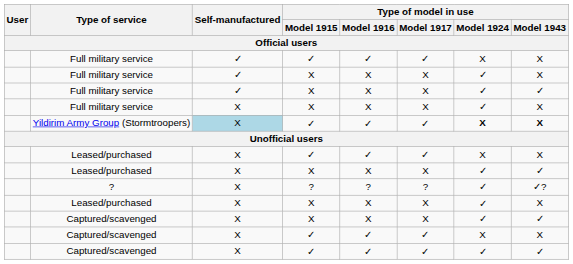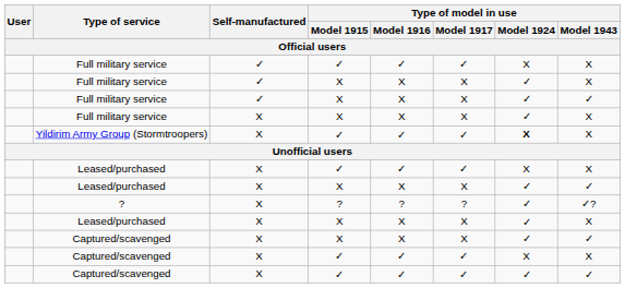 <table class="wikitable">
 <tr>
 <th rowspan=2>User</th>
 <th rowspan=2>Type of service</th>
 <th rowspan=2>Self-manufactured</th>
 <th colspan=5>Type of model in use</th>
 </tr>
 <tr>
 <th>Model 1915</th>
 <th>Model 1916</th>
 <th>Model 1917</th>
 <th>Model 1924</th>
 <th>Model 1943</th>
 </tr>
 <tr>
 <th colspan=8>Official users</th>
 </tr>
 <tr>
 <td></td>
 <td style="text-align:center">Full military service</td>
 <td style="text-align:center">✓</td>
 <td style="text-align:center">✓</td>
 <td style="text-align:center">✓</td>
 <td style="text-align:center">✓</td>
 <td style="text-align:center">X</td>
 <td style="text-align:center">X</td>
 </tr>
 <tr>
 <td></td>
 <td style="text-align:center">Full military service</td>
 <td style="text-align:center">✓</td>
 <td style="text-align:center">X</td>
 <td style="text-align:center">X</td>
 <td style="text-align:center">X</td>
 <td style="text-align:center">✓</td>
 <td style="text-align:center">X</td>
 </tr>
 <tr>
 <td></td>
 <td style="text-align:center">Full military service</td>
 <td style="text-align:center">✓</td>
 <td style="text-align:center">X</td>
 <td style="text-align:center">X</td>
 <td style="text-align:center">X</td>
 <td style="text-align:center">✓</td>
 <td style="text-align:center">✓</td>
 </tr>
 <tr>
 <td></td>
 <td style="text-align:center">Full military service</td>
 <td style="text-align:center">X</td>
 <td style="text-align:center">X</td>
 <td style="text-align:center">X</td>
 <td style="text-align:center">X</td>
 <td style="text-align:center">✓</td>
 <td style="text-align:center">X</td>
 </tr>
 <tr>
 <td></td>
 <td style="text-align:center"><a href='#'>Yildirim Army Group</a> (Stormtroopers)</td>
-<td style="background: lightblue; text-align:center">X</td>
+<td style="text-align:center">X</td>
 <td style="text-align:center">✓</td>
 <td style="text-align:center">✓</td>
 <td style="text-align:center">✓</td>
 <td style="text-align:center"><strong>X</strong></td>
-<td style="text-align:center"><strong>X</strong></td>
+<td style="text-align:center">X</td>
 </tr>
 <tr>
 <th colspan=10>Unofficial users</th>
 </tr>
 <tr>
 <td></td>
 <td style="text-align:center">Leased/purchased</td>
 <td style="text-align:center">X</td>
 <td style="text-align:center">✓</td>
 <td style="text-align:center">✓</td>
 <td style="text-align:center">✓</td>
 <td style="text-align:center">X</td>
 <td style="text-align:center">X</td>
 </tr>
 <tr>
 <td></td>
 <td style="text-align:center">Leased/purchased</td>
 <td style="text-align:center">X</td>
 <td style="text-align:center">X</td>
 <td style="text-align:center">X</td>
 <td style="text-align:center">X</td>
 <td style="text-align:center">✓</td>
 <td style="text-align:center">✓</td>
 </tr>
 <tr>
 <td> </td>
 <td style="text-align:center">?</td>
 <td style="text-align:center">X</td>
 <td style="text-align:center">?</td>
 <td style="text-align:center">?</td>
 <td style="text-align:center">?</td>
 <td style="text-align:center">✓</td>
 <td style="text-align:center">✓?</td>
 </tr>
 <tr>
 <td></td>
 <td style="text-align:center">Leased/purchased</td>
 <td style="text-align:center">X</td>
 <td style="text-align:center">X</td>
 <td style="text-align:center">X</td>
 <td style="text-align:center">X</td>
 <td style="text-align:center">✓</td>
 <td style="text-align:center">X</td>
 </tr>
 <tr>
 <td></td>
 <td style="text-align:center">Captured/scavenged</td>
 <td style="text-align:center">X</td>
 <td style="text-align:center">X</td>
 <td style="text-align:center">X</td>
 <td style="text-align:center">X</td>
 <td style="text-align:center">✓</td>
 <td style="text-align:center">✓</td>
 </tr>
 <tr>
 <td></td>
 <td style="text-align:center">Captured/scavenged</td>
 <td style="text-align:center">X</td>
 <td style="text-align:center">✓</td>
 <td style="text-align:center">✓</td>
 <td style="text-align:center">✓</td>
 <td style="text-align:center">X</td>
 <td style="text-align:center">X</td>
 </tr>
 <tr>
 <td></td>
 <td style="text-align:center">Captured/scavenged</td>
 <td style="text-align:center">X</td>
 <td style="text-align:center">✓</td>
 <td style="text-align:center">✓</td>
 <td style="text-align:center">✓</td>
 <td style="text-align:center">✓</td>
 <td style="text-align:center">✓</td>
 </tr>
 </table>
